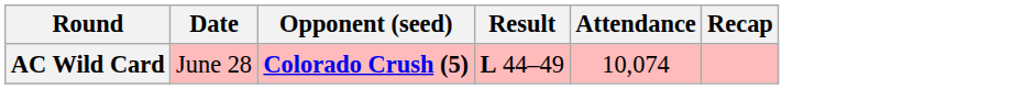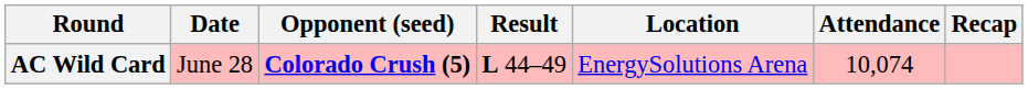 <table class="wikitable" style="text-align:center">
 <tr>
 <th>Round</th>
 <th>Date</th>
 <th>Opponent (seed)</th>
 <th>Result</th>
+<th>Location</th>
 <th>Attendance</th>
 <th>Recap</th>
 </tr>
 <tr bgcolor="ffbbbb">
 <th>AC Wild Card</th>
 <td>June 28</td>
 <td><strong><a href='#'>Colorado Crush</a> (5)</strong></td>
 <td><strong>L</strong> 44–49</td>
+<td><a href='#'>EnergySolutions Arena</a></td>
 <td>10,074</td>
 <td></td>
 </tr>
 </table>
